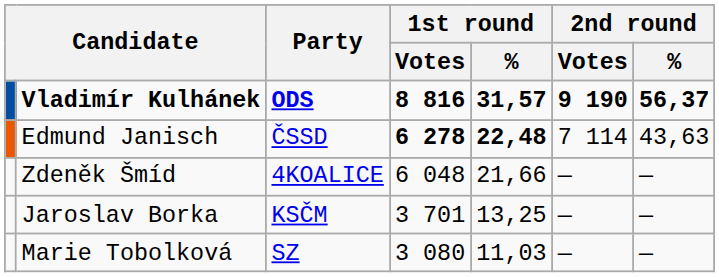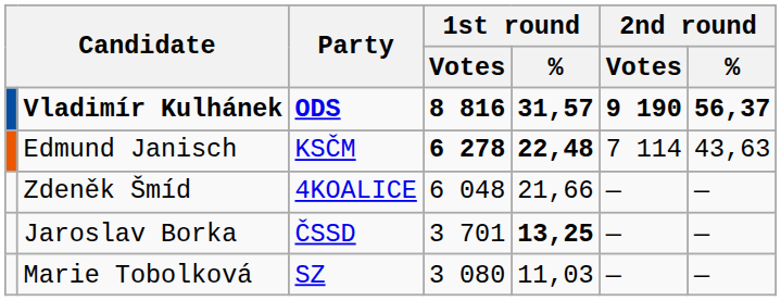 <table class="wikitable sortable">
 <tr>
 <th colspan="2" rowspan="2">Candidate</th>
 <th rowspan="2">Party</th>
 <th colspan="2">1st round</th>
 <th colspan="2">2nd round</th>
 </tr>
 <tr>
 <th>Votes</th>
 <th>%</th>
 <th>Votes</th>
 <th>%</th>
 </tr>
 <tr>
 <td style="background-color:#034EA2;"></td>
 <td><strong>Vladimír Kulhánek</strong></td>
 <td><a href='#'><strong>ODS</strong></a></td>
 <td><strong>8 816</strong></td>
 <td><strong>31,57</strong></td>
 <td><strong>9 190</strong></td>
 <td><strong>56,37</strong></td>
 </tr>
 <tr>
 <td style="background-color:#EC5800;"></td>
 <td>Edmund Janisch</td>
-<td><a href='#'>ČSSD</a></td>
+<td><a href='#'>KSČM</a></td>
 <td><strong>6 278</strong></td>
 <td><strong>22,48</strong></td>
 <td>7 114</td>
 <td>43,63</td>
 </tr>
 <tr>
 <td style="background-color:"></td>
 <td>Zdeněk Šmíd</td>
 <td><a href='#'>4KOALICE</a></td>
 <td>6 048</td>
 <td>21,66</td>
 <td>—</td>
 <td>—</td>
 </tr>
 <tr>
 <td style="background-color:"></td>
 <td>Jaroslav Borka</td>
-<td><a href='#'>KSČM</a></td>
+<td><a href='#'>ČSSD</a></td>
 <td>3 701</td>
-<td>13,25</td>
+<td><strong>13,25</strong></td>
 <td>—</td>
 <td>—</td>
 </tr>
 <tr>
 <td style="background-color:"></td>
 <td>Marie Tobolková</td>
 <td><a href='#'>SZ</a></td>
 <td>3 080</td>
 <td>11,03</td>
 <td>—</td>
 <td>—</td>
 </tr>
 </table>
